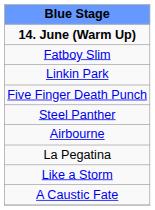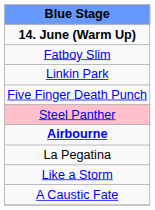 <table class="wikitable" style="text-align:center">
 <tr>
 <td colspan="3"  style="background-color:#6699FF"><strong>Blue Stage</strong></td>
 </tr>
 <tr>
 <td><strong>14. June (Warm Up)</strong></td>
 </tr>
 <tr>
 <td><a href='#'>Fatboy Slim</a></td>
 </tr>
 <tr>
 <td><a href='#'>Linkin Park</a></td>
 </tr>
 <tr>
 <td><a href='#'>Five Finger Death Punch</a></td>
 </tr>
 <tr>
-<td><a href='#'>Steel Panther</a></td>
+<td style="background: pink;"><a href='#'>Steel Panther</a></td>
 </tr>
 <tr>
-<td><a href='#'>Airbourne</a></td>
+<td><strong><a href='#'>Airbourne</a></strong></td>
 </tr>
 <tr>
 <td>La Pegatina</td>
 </tr>
 <tr>
 <td><a href='#'>Like a Storm</a></td>
 </tr>
 <tr>
 <td><a href='#'>A Caustic Fate</a></td>
 </tr>
 <tr>
 </tr>
 </table>
